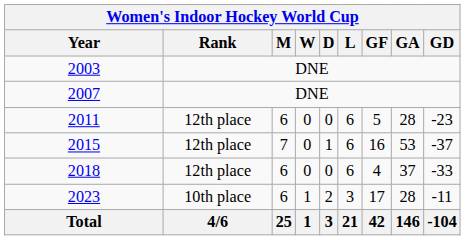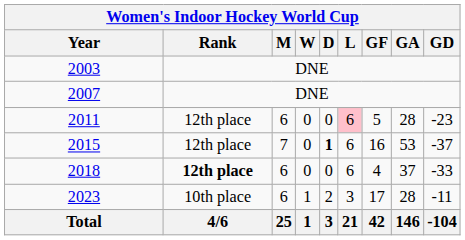 <table class="wikitable" style="text-align: center;font-size:100%;">
 <tr>
 <th colspan=9><a href='#'>Women's Indoor Hockey World Cup</a></th>
 </tr>
 <tr>
 <th width=150>Year</th>
 <th width=100>Rank</th>
 <th>M</th>
 <th>W</th>
 <th>D</th>
 <th>L</th>
 <th>GF</th>
 <th>GA</th>
 <th>GD</th>
 </tr>
 <tr>
 <td> <a href='#'>2003</a></td>
 <td colspan=8>DNE</td>
 </tr>
 <tr>
 <td> <a href='#'>2007</a></td>
 <td colspan=8>DNE</td>
 </tr>
 <tr>
 <td> <a href='#'>2011</a></td>
 <td>12th place</td>
 <td>6</td>
 <td>0</td>
 <td>0</td>
-<td>6</td>
+<td style="background: pink;">6</td>
 <td>5</td>
 <td>28</td>
 <td>-23</td>
 </tr>
 <tr>
 <td> <a href='#'>2015</a></td>
 <td>12th place</td>
 <td>7</td>
 <td>0</td>
-<td>1</td>
+<td><strong>1</strong></td>
 <td>6</td>
 <td>16</td>
 <td>53</td>
 <td>-37</td>
 </tr>
 <tr>
 <td> <a href='#'>2018</a></td>
-<td>12th place</td>
+<td><strong>12th place</strong></td>
 <td>6</td>
 <td>0</td>
 <td>0</td>
 <td>6</td>
 <td>4</td>
 <td>37</td>
 <td>-33</td>
 </tr>
 <tr>
 <td> <a href='#'>2023</a></td>
 <td>10th place</td>
 <td>6</td>
 <td>1</td>
 <td>2</td>
 <td>3</td>
 <td>17</td>
 <td>28</td>
 <td>-11</td>
 </tr>
 <tr>
 <th><strong>Total</strong></th>
 <th>4/6</th>
 <th>25</th>
 <th>1</th>
 <th>3</th>
 <th>21</th>
 <th>42</th>
 <th>146</th>
 <th>-104</th>
 </tr>
 </table>
